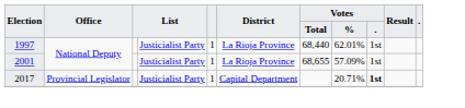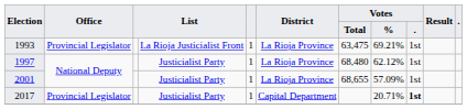 <table class="wikitable" style="font-size:90%; text-align:center;">
 <tr>
 <th style="background-color:#EAECF0;" rowspan=2>Election</th>
 <th style="background-color:#EAECF0;" rowspan=2>Office</th>
 <th style="background-color:#EAECF0;" colspan=2 rowspan=2>List</th>
 <th style="background-color:#EAECF0;" rowspan=2></th>
 <th style="background-color:#EAECF0;" rowspan=2>District</th>
 <th style="background-color:#EAECF0;" colspan=3>Votes</th>
 <th style="background-color:#EAECF0;" rowspan=2>Result</th>
 <th style="background-color:#EAECF0;" rowspan=2>.</th>
 </tr>
 <tr>
 <th style="background-color:#EAECF0;">Total</th>
 <th style="background-color:#EAECF0;">%</th>
 <th style="background-color:#EAECF0;">.</th>
 </tr>
 <tr>
+<td style="background-color:#EAECF0;">1993</td>
+<td><a href='#'>Provincial Legislator</a></td>
+<td style="background-color:"></td>
+<td><a href='#'>La Rioja Justicialist Front</a></td>
+<td>1</td>
+<td><a href='#'>La Rioja Province</a></td>
+<td>63,475</td>
+<td>69.21%</td>
+<td>1st</td>
+<td></td>
+<td></td>
+</tr>
+<tr>
 <td style="background-color:#EAECF0;"><a href='#'>1997</a></td>
 <td rowspan="2"><a href='#'>National Deputy</a></td>
 <td style="background-color:"></td>
 <td><a href='#'>Justicialist Party</a></td>
 <td>1</td>
 <td><a href='#'>La Rioja Province</a></td>
-<td>68,440</td>
-<td>62.01%</td>
+<td>68,480</td>
+<td>62.12%</td>
 <td>1st</td>
 <td></td>
 <td></td>
 </tr>
 <tr>
 <td style="background-color:#EAECF0;"><a href='#'>2001</a></td>
 <td style="background-color:"></td>
 <td><a href='#'>Justicialist Party</a></td>
 <td>1</td>
 <td><a href='#'>La Rioja Province</a></td>
 <td>68,655</td>
 <td>57.09%</td>
 <td>1st</td>
 <td></td>
 <td></td>
 </tr>
 <tr>
 <td style="background-color:#EAECF0;">2017</td>
 <td><a href='#'>Provincial Legislator</a></td>
 <td style="background-color:"></td>
 <td><a href='#'>Justicialist Party</a></td>
 <td>1</td>
 <td><a href='#'>Capital Department</a></td>
 <td></td>
 <td>20.71%</td>
 <td><strong>1st</strong></td>
 <td></td>
 <td></td>
 </tr>
 <tr>
 </tr>
 </table>
